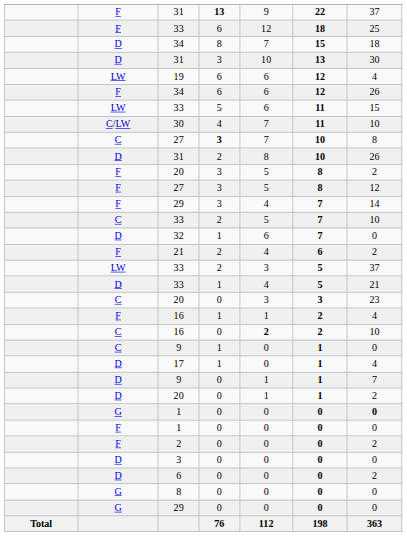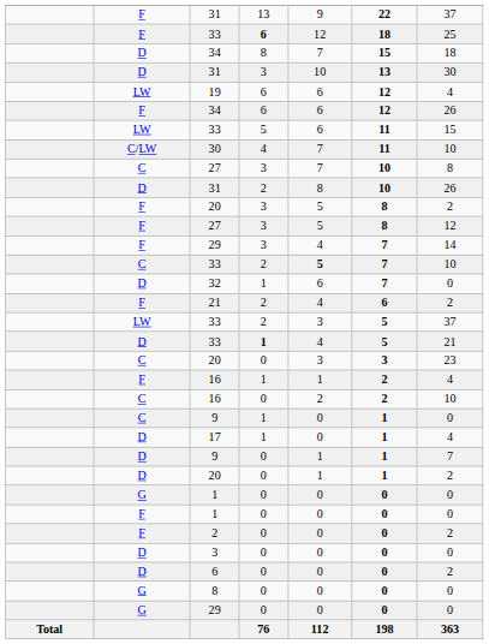 <table class="wikitable sortable" width ="50%">
 <tr align="center">
 </tr>
 <tr align="center" bgcolor="">
 <td></td>
 <td><a href='#'>F</a></td>
 <td>31</td>
-<td><strong>13</strong></td>
+<td>13</td>
 <td>9</td>
 <td><strong>22</strong></td>
 <td>37</td>
 </tr>
 <tr align="center" bgcolor="f0f0f0">
 <td></td>
 <td><a href='#'>F</a></td>
 <td>33</td>
-<td>6</td>
+<td><strong>6</strong></td>
 <td>12</td>
 <td><strong>18</strong></td>
 <td>25</td>
 </tr>
 <tr align="center" bgcolor="">
 <td></td>
 <td><a href='#'>D</a></td>
 <td>34</td>
 <td>8</td>
 <td>7</td>
 <td><strong>15</strong></td>
 <td>18</td>
 </tr>
 <tr align="center" bgcolor="f0f0f0">
 <td></td>
 <td><a href='#'>D</a></td>
 <td>31</td>
 <td>3</td>
 <td>10</td>
 <td><strong>13</strong></td>
 <td>30</td>
 </tr>
 <tr align="center" bgcolor="">
 <td></td>
 <td><a href='#'>LW</a></td>
 <td>19</td>
 <td>6</td>
 <td>6</td>
 <td><strong>12</strong></td>
 <td>4</td>
 </tr>
 <tr align="center" bgcolor="f0f0f0">
 <td></td>
 <td><a href='#'>F</a></td>
 <td>34</td>
 <td>6</td>
 <td>6</td>
 <td><strong>12</strong></td>
 <td>26</td>
 </tr>
 <tr align="center" bgcolor="">
 <td></td>
 <td><a href='#'>LW</a></td>
 <td>33</td>
 <td>5</td>
 <td>6</td>
 <td><strong>11</strong></td>
 <td>15</td>
 </tr>
 <tr align="center" bgcolor="f0f0f0">
 <td></td>
 <td><a href='#'>C</a>/<a href='#'>LW</a></td>
 <td>30</td>
 <td>4</td>
 <td>7</td>
 <td><strong>11</strong></td>
 <td>10</td>
 </tr>
 <tr align="center" bgcolor="">
 <td></td>
 <td><a href='#'>C</a></td>
 <td>27</td>
-<td><strong>3</strong></td>
+<td>3</td>
 <td>7</td>
 <td><strong>10</strong></td>
 <td>8</td>
 </tr>
 <tr align="center" bgcolor="f0f0f0">
 <td></td>
 <td><a href='#'>D</a></td>
 <td>31</td>
 <td>2</td>
 <td>8</td>
 <td><strong>10</strong></td>
 <td>26</td>
 </tr>
 <tr align="center" bgcolor="">
 <td></td>
 <td><a href='#'>F</a></td>
 <td>20</td>
 <td>3</td>
 <td>5</td>
 <td><strong>8</strong></td>
 <td>2</td>
 </tr>
 <tr align="center" bgcolor="f0f0f0">
 <td></td>
 <td><a href='#'>F</a></td>
 <td>27</td>
 <td>3</td>
 <td>5</td>
 <td><strong>8</strong></td>
 <td>12</td>
 </tr>
 <tr align="center" bgcolor="">
 <td></td>
 <td><a href='#'>F</a></td>
 <td>29</td>
 <td>3</td>
 <td>4</td>
 <td><strong>7</strong></td>
 <td>14</td>
 </tr>
 <tr align="center" bgcolor="f0f0f0">
 <td></td>
 <td><a href='#'>C</a></td>
 <td>33</td>
 <td>2</td>
-<td>5</td>
+<td><strong>5</strong></td>
 <td><strong>7</strong></td>
 <td>10</td>
 </tr>
 <tr align="center" bgcolor="">
 <td></td>
 <td><a href='#'>D</a></td>
 <td>32</td>
 <td>1</td>
 <td>6</td>
 <td><strong>7</strong></td>
 <td>0</td>
 </tr>
 <tr align="center" bgcolor="f0f0f0">
 <td></td>
 <td><a href='#'>F</a></td>
 <td>21</td>
 <td>2</td>
 <td>4</td>
 <td><strong>6</strong></td>
 <td>2</td>
 </tr>
 <tr align="center" bgcolor="">
 <td></td>
 <td><a href='#'>LW</a></td>
 <td>33</td>
 <td>2</td>
 <td>3</td>
 <td><strong>5</strong></td>
 <td>37</td>
 </tr>
 <tr align="center" bgcolor="f0f0f0">
 <td></td>
 <td><a href='#'>D</a></td>
 <td>33</td>
-<td>1</td>
+<td><strong>1</strong></td>
 <td>4</td>
 <td><strong>5</strong></td>
 <td>21</td>
 </tr>
 <tr align="center" bgcolor="">
 <td></td>
 <td><a href='#'>C</a></td>
 <td>20</td>
 <td>0</td>
 <td>3</td>
 <td><strong>3</strong></td>
 <td>23</td>
 </tr>
 <tr align="center" bgcolor="f0f0f0">
 <td></td>
 <td><a href='#'>F</a></td>
 <td>16</td>
 <td>1</td>
 <td>1</td>
 <td><strong>2</strong></td>
 <td>4</td>
 </tr>
 <tr align="center" bgcolor="">
 <td></td>
 <td><a href='#'>C</a></td>
 <td>16</td>
 <td>0</td>
-<td><strong>2</strong></td>
+<td>2</td>
 <td><strong>2</strong></td>
 <td>10</td>
 </tr>
 <tr align="center" bgcolor="f0f0f0">
 <td></td>
 <td><a href='#'>C</a></td>
 <td>9</td>
 <td>1</td>
 <td>0</td>
 <td><strong>1</strong></td>
 <td>0</td>
 </tr>
 <tr align="center" bgcolor="">
 <td></td>
 <td><a href='#'>D</a></td>
 <td>17</td>
 <td>1</td>
 <td>0</td>
 <td><strong>1</strong></td>
 <td>4</td>
 </tr>
 <tr align="center" bgcolor="f0f0f0">
 <td></td>
 <td><a href='#'>D</a></td>
 <td>9</td>
 <td>0</td>
 <td>1</td>
 <td><strong>1</strong></td>
 <td>7</td>
 </tr>
 <tr align="center" bgcolor="">
 <td></td>
 <td><a href='#'>D</a></td>
 <td>20</td>
 <td>0</td>
 <td>1</td>
 <td><strong>1</strong></td>
 <td>2</td>
 </tr>
 <tr align="center" bgcolor="f0f0f0">
 <td></td>
 <td><a href='#'>G</a></td>
 <td>1</td>
 <td>0</td>
 <td>0</td>
 <td><strong>0</strong></td>
-<td><strong>0</strong></td>
+<td>0</td>
 </tr>
 <tr align="center" bgcolor="">
 <td></td>
 <td><a href='#'>F</a></td>
 <td>1</td>
 <td>0</td>
 <td>0</td>
 <td><strong>0</strong></td>
 <td>0</td>
 </tr>
 <tr align="center" bgcolor="f0f0f0">
 <td></td>
 <td><a href='#'>F</a></td>
 <td>2</td>
 <td>0</td>
 <td>0</td>
 <td><strong>0</strong></td>
 <td>2</td>
 </tr>
 <tr align="center" bgcolor="">
 <td></td>
 <td><a href='#'>D</a></td>
 <td>3</td>
 <td>0</td>
 <td>0</td>
 <td><strong>0</strong></td>
 <td>0</td>
 </tr>
 <tr align="center" bgcolor="f0f0f0">
 <td></td>
 <td><a href='#'>D</a></td>
 <td>6</td>
 <td>0</td>
 <td>0</td>
 <td><strong>0</strong></td>
 <td>2</td>
 </tr>
 <tr align="center" bgcolor="">
 <td></td>
 <td><a href='#'>G</a></td>
 <td>8</td>
 <td>0</td>
 <td>0</td>
 <td><strong>0</strong></td>
 <td>0</td>
 </tr>
 <tr align="center" bgcolor="f0f0f0">
 <td></td>
 <td><a href='#'>G</a></td>
 <td>29</td>
 <td>0</td>
 <td>0</td>
 <td><strong>0</strong></td>
 <td>0</td>
 </tr>
 <tr>
 <th>Total</th>
 <th></th>
 <th></th>
 <th>76</th>
 <th>112</th>
 <th>198</th>
 <th>363</th>
 </tr>
 </table>
